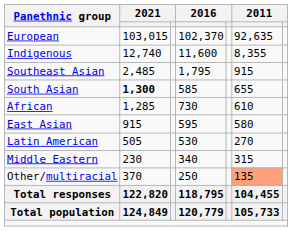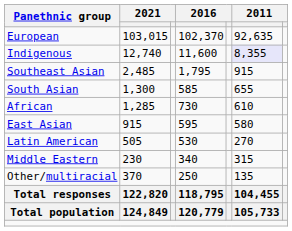 <table class="wikitable collapsible sortable">
 <tr>
 <th rowspan="2"><a href='#'>Panethnic</a> group</th>
 <th colspan="2">2021</th>
 <th colspan="2">2016</th>
 <th colspan="2">2011</th>
 </tr>
 <tr>
 <th><a href='#'></a></th>
 <th></th>
 <th></th>
 <th></th>
 <th></th>
 <th></th>
 </tr>
 <tr>
 <td><a href='#'>European</a></td>
 <td>103,015</td>
 <td></td>
 <td>102,370</td>
 <td></td>
 <td>92,635</td>
 <td></td>
 </tr>
 <tr>
 <td><a href='#'>Indigenous</a></td>
 <td>12,740</td>
 <td></td>
 <td>11,600</td>
 <td></td>
-<td>8,355</td>
+<td style="background: lavender;">8,355</td>
 <td></td>
 </tr>
 <tr>
 <td><a href='#'>Southeast Asian</a></td>
 <td>2,485</td>
 <td></td>
 <td>1,795</td>
 <td></td>
 <td>915</td>
 <td></td>
 </tr>
 <tr>
 <td><a href='#'>South Asian</a></td>
-<td><strong>1,300</strong></td>
+<td>1,300</td>
 <td></td>
 <td>585</td>
 <td></td>
 <td>655</td>
 <td></td>
 </tr>
 <tr>
 <td><a href='#'>African</a></td>
 <td>1,285</td>
 <td></td>
 <td>730</td>
 <td></td>
 <td>610</td>
 <td></td>
 </tr>
 <tr>
 <td><a href='#'>East Asian</a></td>
 <td>915</td>
 <td></td>
 <td>595</td>
 <td></td>
 <td>580</td>
 <td></td>
 </tr>
 <tr>
 <td><a href='#'>Latin American</a></td>
 <td>505</td>
 <td></td>
 <td>530</td>
 <td></td>
 <td>270</td>
 <td></td>
 </tr>
 <tr>
 <td><a href='#'>Middle Eastern</a></td>
 <td>230</td>
 <td></td>
 <td>340</td>
 <td></td>
 <td>315</td>
 <td></td>
 </tr>
 <tr>
 <td>Other/<a href='#'>multiracial</a></td>
 <td>370</td>
 <td></td>
 <td>250</td>
 <td></td>
-<td style="background: lightsalmon;">135</td>
+<td>135</td>
 <td></td>
 </tr>
 <tr>
 <th>Total responses</th>
 <th>122,820</th>
 <th></th>
 <th>118,795</th>
 <th></th>
 <th>104,455</th>
 <th></th>
 </tr>
 <tr class="sortbottom">
 <th>Total population</th>
 <th>124,849</th>
 <th></th>
 <th>120,779</th>
 <th></th>
 <th>105,733</th>
 <th></th>
 </tr>
 <tr class="sortbottom">
 <td colspan="15"></td>
 </tr>
 </table>
